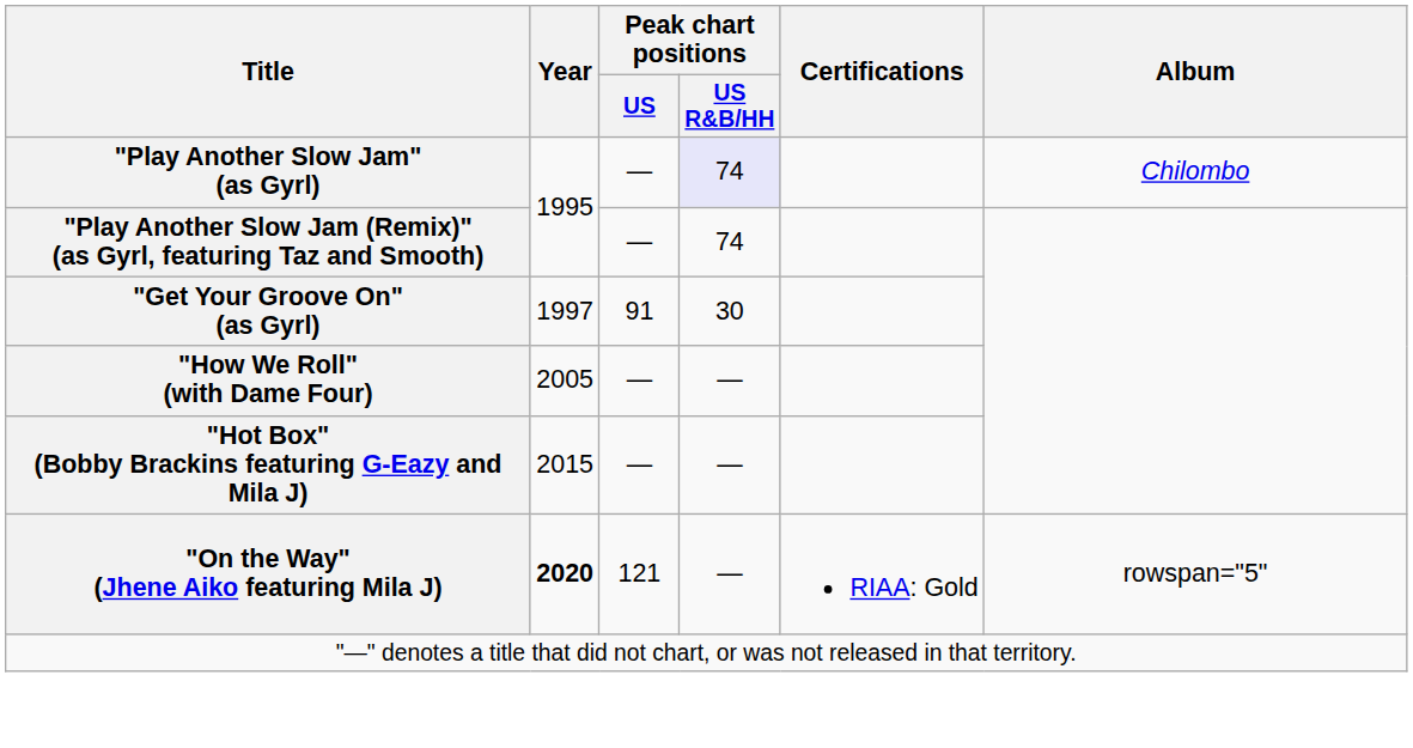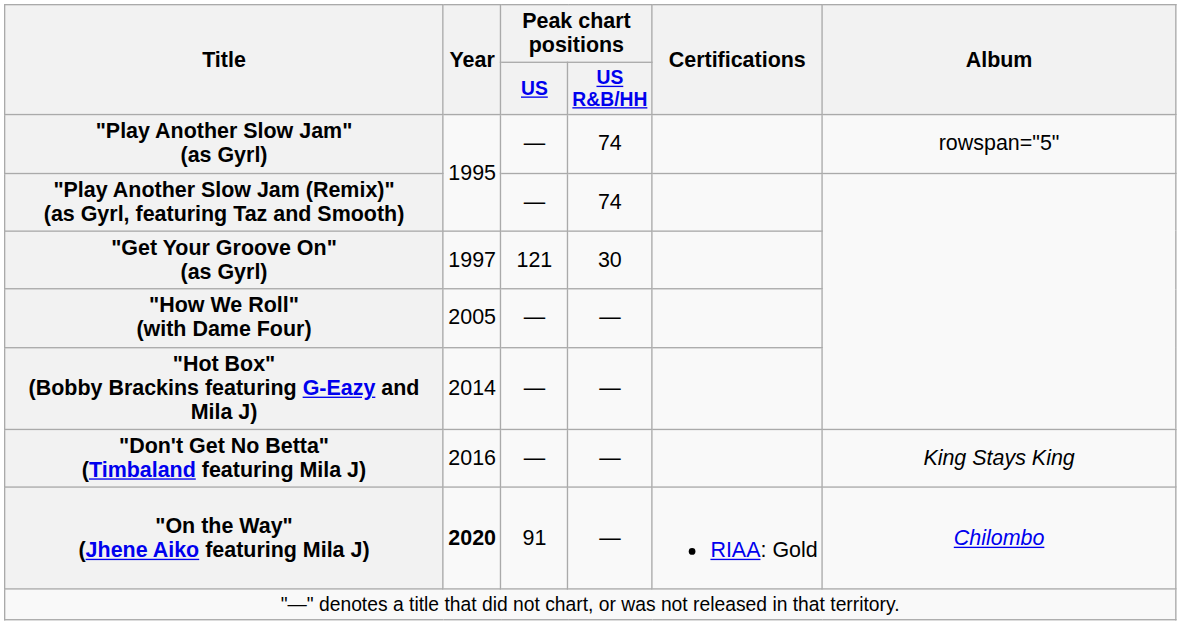 <table class="wikitable plainrowheaders" style="text-align:center;">
 <tr>
 <th scope="col" rowspan="2" style="width:20em;">Title</th>
 <th scope="col" rowspan="2">Year</th>
 <th scope="col" colspan="2">Peak chart positions</th>
 <th scope="col" rowspan="2">Certifications</th>
 <th scope="col" rowspan="2" style="width:16em;">Album</th>
 </tr>
 <tr>
 <th style="width:3em;font-size:90%;"><a href='#'>US</a><br></th>
 <th style="width:3em;font-size:90%;"><a href='#'>US<br>R&B/HH</a><br></th>
 </tr>
 <tr>
 <th scope="row">"Play Another Slow Jam"<br><span>(as Gyrl)</span></th>
 <td rowspan="2">1995</td>
 <td>—</td>
-<td style="background: lavender;">74</td>
+<td>74</td>
 <td></td>
-<td><em><a href='#'>Chilombo</a></em></td>
+<td>rowspan="5" </td>
 </tr>
 <tr>
 <th scope="row">"Play Another Slow Jam (Remix)"<br><span>(as Gyrl, featuring Taz and Smooth)</span></th>
 <td>—</td>
 <td>74</td>
 <td></td>
 </tr>
 <tr>
 <th scope="row">"Get Your Groove On"<br><span>(as Gyrl)</span></th>
 <td>1997</td>
-<td>91</td>
+<td>121</td>
 <td>30</td>
 <td></td>
 </tr>
 <tr>
 <th scope="row">"How We Roll"<br><span>(with Dame Four)</span></th>
 <td>2005</td>
 <td>—</td>
 <td>—</td>
 <td></td>
 </tr>
 <tr>
 <th scope="row">"Hot Box"<br><span>(Bobby Brackins featuring <a href='#'>G-Eazy</a> and Mila J)</span></th>
-<td>2015</td>
+<td>2014</td>
 <td>—</td>
 <td>—</td>
 <td></td>
 </tr>
 <tr>
+<th scope="row">"Don't Get No Betta"<br><span>(<a href='#'>Timbaland</a> featuring Mila J)</span></th>
+<td rowspan="1">2016</td>
+<td>—</td>
+<td>—</td>
+<td></td>
+<td><em>King Stays King</em></td>
+</tr>
+<tr>
 <th scope="row">"On the Way"<br><span>(<a href='#'>Jhene Aiko</a> featuring Mila J)</span></th>
 <td rowspan="1"><strong>2020</strong></td>
-<td>121</td>
+<td>91</td>
 <td>—</td>
 <td><br><ul><li><a href='#'>RIAA</a>: Gold</li></ul></td>
-<td>rowspan="5" </td>
+<td><em><a href='#'>Chilombo</a></em></td>
 </tr>
 <tr>
 <td colspan="6" style="font-size:90%">"—" denotes a title that did not chart, or was not released in that territory.</td>
 </tr>
 </table>
